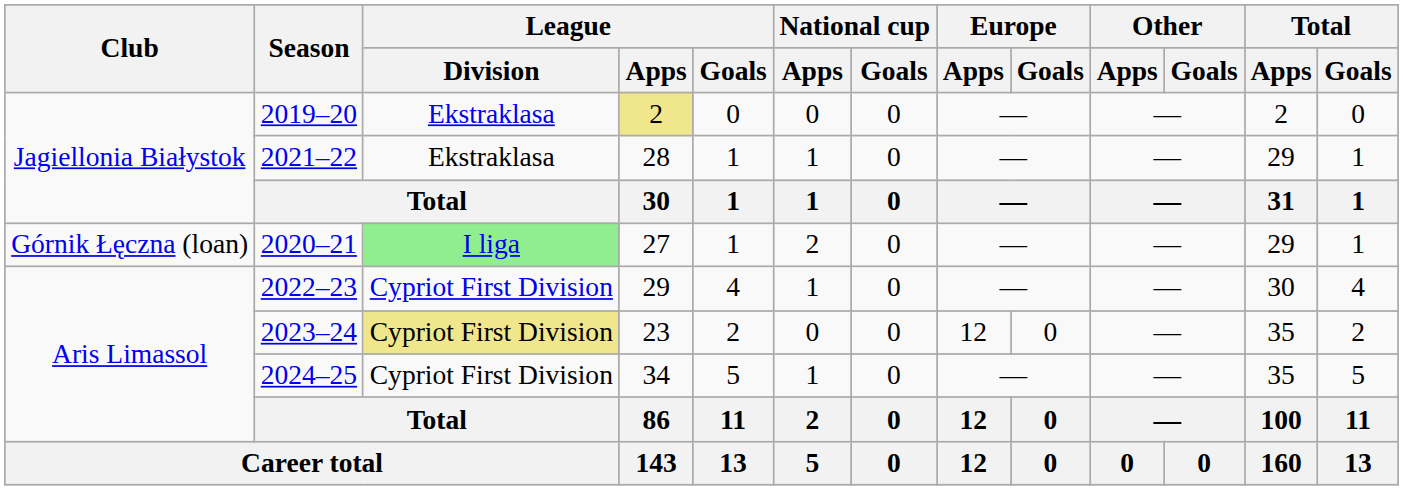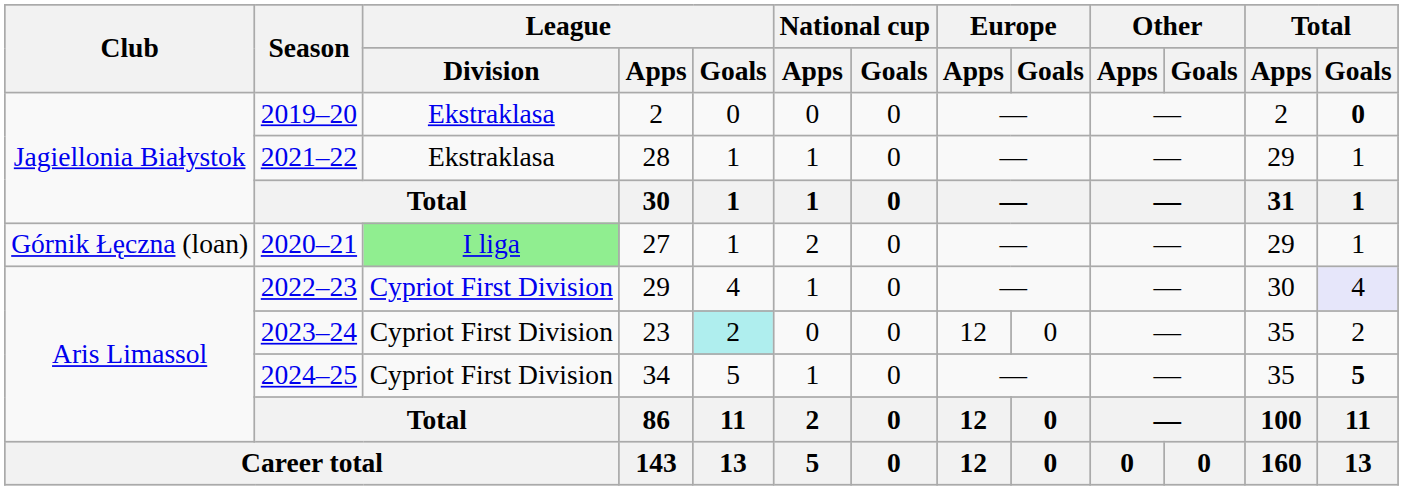 <table class="wikitable" style="text-align:center">
 <tr>
 <th rowspan="2">Club</th>
 <th rowspan="2">Season</th>
 <th colspan="3">League</th>
 <th colspan="2">National cup</th>
 <th colspan="2">Europe</th>
 <th colspan="2">Other</th>
 <th colspan="2">Total</th>
 </tr>
 <tr>
 <th>Division</th>
 <th>Apps</th>
 <th>Goals</th>
 <th>Apps</th>
 <th>Goals</th>
 <th>Apps</th>
 <th>Goals</th>
 <th>Apps</th>
 <th>Goals</th>
 <th>Apps</th>
 <th>Goals</th>
 </tr>
 <tr>
 <td rowspan="3"><a href='#'>Jagiellonia Białystok</a></td>
 <td><a href='#'>2019–20</a></td>
 <td><a href='#'>Ekstraklasa</a></td>
-<td style="background: khaki;">2</td>
+<td>2</td>
 <td>0</td>
 <td>0</td>
 <td>0</td>
 <td colspan="2">—</td>
 <td colspan="2">—</td>
 <td>2</td>
-<td>0</td>
+<td><strong>0</strong></td>
 </tr>
 <tr>
 <td><a href='#'>2021–22</a></td>
 <td>Ekstraklasa</td>
 <td>28</td>
 <td>1</td>
 <td>1</td>
 <td>0</td>
 <td colspan="2">—</td>
 <td colspan="2">—</td>
 <td>29</td>
 <td>1</td>
 </tr>
 <tr>
 <th colspan="2">Total</th>
 <th>30</th>
 <th>1</th>
 <th>1</th>
 <th>0</th>
 <th colspan="2">—</th>
 <th colspan="2">—</th>
 <th>31</th>
 <th>1</th>
 </tr>
 <tr>
 <td><a href='#'>Górnik Łęczna</a> (loan)</td>
 <td><a href='#'>2020–21</a></td>
 <td style="background: lightgreen;"><a href='#'>I liga</a></td>
 <td>27</td>
 <td>1</td>
 <td>2</td>
 <td>0</td>
 <td colspan="2">—</td>
 <td colspan="2">—</td>
 <td>29</td>
 <td>1</td>
 </tr>
 <tr>
 <td rowspan="4"><a href='#'>Aris Limassol</a></td>
 <td><a href='#'>2022–23</a></td>
 <td><a href='#'>Cypriot First Division</a></td>
 <td>29</td>
 <td>4</td>
 <td>1</td>
 <td>0</td>
 <td colspan="2">—</td>
 <td colspan="2">—</td>
 <td>30</td>
-<td>4</td>
+<td style="background: lavender;">4</td>
 </tr>
 <tr>
 <td><a href='#'>2023–24</a></td>
-<td style="background: khaki;">Cypriot First Division</td>
+<td>Cypriot First Division</td>
 <td>23</td>
-<td>2</td>
+<td style="background: paleturquoise;">2</td>
 <td>0</td>
 <td>0</td>
 <td>12</td>
 <td>0</td>
 <td colspan="2">—</td>
 <td>35</td>
 <td>2</td>
 </tr>
 <tr>
 <td><a href='#'>2024–25</a></td>
 <td>Cypriot First Division</td>
 <td>34</td>
 <td>5</td>
 <td>1</td>
 <td>0</td>
 <td colspan="2">—</td>
 <td colspan="2">—</td>
 <td>35</td>
-<td>5</td>
+<td><strong>5</strong></td>
 </tr>
 <tr>
 <th colspan="2">Total</th>
 <th>86</th>
 <th>11</th>
 <th>2</th>
 <th>0</th>
 <th>12</th>
 <th>0</th>
 <th colspan="2">—</th>
 <th>100</th>
 <th>11</th>
 </tr>
 <tr>
 <th colspan="3">Career total</th>
 <th>143</th>
 <th>13</th>
 <th>5</th>
 <th>0</th>
 <th>12</th>
 <th>0</th>
 <th>0</th>
 <th>0</th>
 <th>160</th>
 <th>13</th>
 </tr>
 </table>
